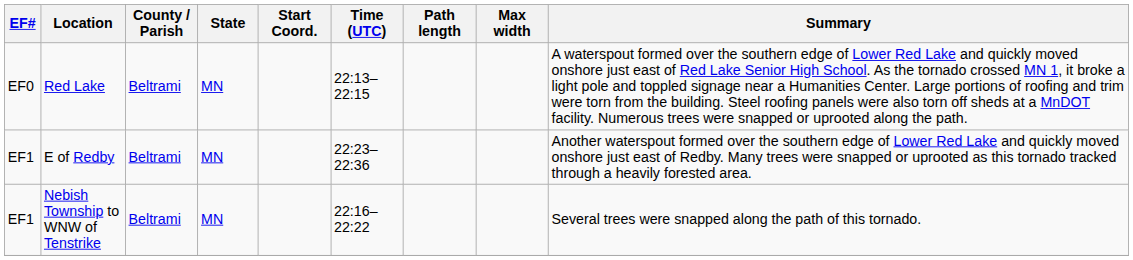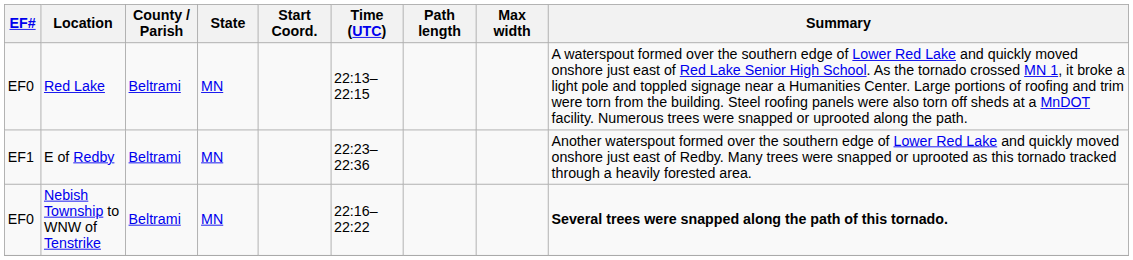 <table class="wikitable sortable" style="width:100%;">
 <tr>
 <th scope="col"  style="width:3%; text-align:center;"><a href='#'>EF#</a></th>
 <th scope="col"  style="width:7%; text-align:center;" class="unsortable">Location</th>
 <th scope="col"  style="width:6%; text-align:center;" class="unsortable">County / Parish</th>
 <th scope="col"  style="width:5%; text-align:center;">State</th>
 <th scope="col"  style="width:6%; text-align:center;">Start Coord.</th>
 <th scope="col"  style="width:6%; text-align:center;">Time (<a href='#'>UTC</a>)</th>
 <th scope="col"  style="width:6%; text-align:center;">Path length</th>
 <th scope="col"  style="width:6%; text-align:center;">Max width</th>
 <th scope="col" class="unsortable" style="width:48%; text-align:center;">Summary</th>
 </tr>
 <tr>
 <td>EF0</td>
 <td><a href='#'>Red Lake</a></td>
 <td><a href='#'>Beltrami</a></td>
 <td><a href='#'>MN</a></td>
 <td></td>
 <td>22:13–22:15</td>
 <td></td>
 <td></td>
 <td>A waterspout formed over the southern edge of <a href='#'>Lower Red Lake</a> and quickly moved onshore just east of <a href='#'>Red Lake Senior High School</a>. As the tornado crossed <a href='#'>MN 1</a>, it broke a light pole and toppled signage near a Humanities Center. Large portions of roofing and trim were torn from the building. Steel roofing panels were also torn off sheds at a <a href='#'>MnDOT</a> facility. Numerous trees were snapped or uprooted along the path.</td>
 </tr>
 <tr>
 <td>EF1</td>
 <td>E of <a href='#'>Redby</a></td>
 <td><a href='#'>Beltrami</a></td>
 <td><a href='#'>MN</a></td>
 <td></td>
 <td>22:23–22:36</td>
 <td></td>
 <td></td>
 <td>Another waterspout formed over the southern edge of <a href='#'>Lower Red Lake</a> and quickly moved onshore just east of Redby. Many trees were snapped or uprooted as this tornado tracked through a heavily forested area.</td>
 </tr>
 <tr>
-<td>EF1</td>
+<td>EF0</td>
 <td><a href='#'>Nebish Township</a> to WNW of <a href='#'>Tenstrike</a></td>
 <td><a href='#'>Beltrami</a></td>
 <td><a href='#'>MN</a></td>
 <td></td>
 <td>22:16–22:22</td>
 <td></td>
 <td></td>
-<td>Several trees were snapped along the path of this tornado.</td>
+<td><strong>Several trees were snapped along the path of this tornado.</strong></td>
 </tr>
 <tr>
 </tr>
 </table>
